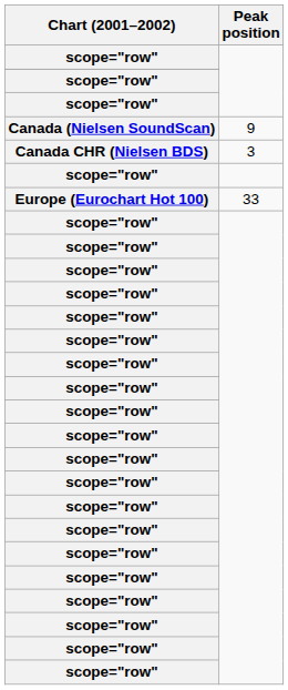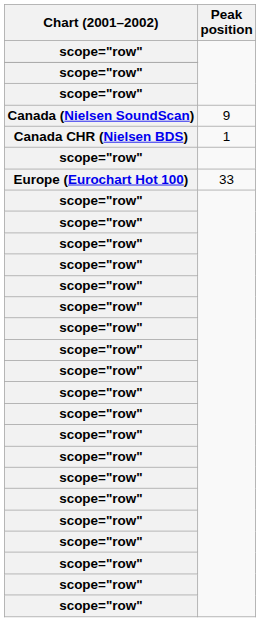 <table class="wikitable sortable plainrowheaders" style="text-align:center">
 <tr>
 <th scope="col">Chart (2001–2002)</th>
 <th scope="col">Peak<br>position</th>
 </tr>
 <tr>
 <th>scope="row"</th>
 </tr>
 <tr>
 </tr>
 <tr>
 <th>scope="row"</th>
 </tr>
 <tr>
 <th>scope="row"</th>
 </tr>
 <tr>
 <th scope="row">Canada (<a href='#'>Nielsen SoundScan</a>)</th>
 <td>9</td>
 </tr>
 <tr>
 <th scope="row">Canada CHR (<a href='#'>Nielsen BDS</a>)</th>
-<td>3</td>
+<td>1</td>
 </tr>
 <tr>
 <th>scope="row"</th>
 </tr>
 <tr>
 <th scope="row">Europe (<a href='#'>Eurochart Hot 100</a>)</th>
 <td>33</td>
 </tr>
 <tr>
 <th>scope="row"</th>
 </tr>
 <tr>
 <th>scope="row"</th>
 </tr>
 <tr>
 <th>scope="row"</th>
 </tr>
 <tr>
 <th>scope="row"</th>
 </tr>
 <tr>
 <th>scope="row"</th>
 </tr>
 <tr>
 <th>scope="row"</th>
 </tr>
 <tr>
 <th>scope="row"</th>
 </tr>
 <tr>
 <th>scope="row"</th>
 </tr>
 <tr>
 <th>scope="row"</th>
 </tr>
 <tr>
 <th>scope="row"</th>
 </tr>
 <tr>
 <th>scope="row"</th>
 </tr>
 <tr>
 <th>scope="row"</th>
 </tr>
 <tr>
 <th>scope="row"</th>
 </tr>
 <tr>
 <th>scope="row"</th>
 </tr>
 <tr>
 <th>scope="row"</th>
 </tr>
 <tr>
 <th>scope="row"</th>
 </tr>
 <tr>
 <th>scope="row"</th>
 </tr>
 <tr>
 <th>scope="row"</th>
 </tr>
 <tr>
 <th>scope="row"</th>
 </tr>
 <tr>
 <th>scope="row"</th>
 </tr>
 </table>
